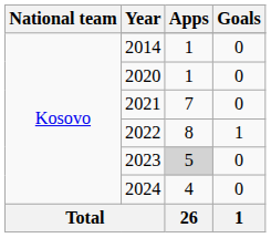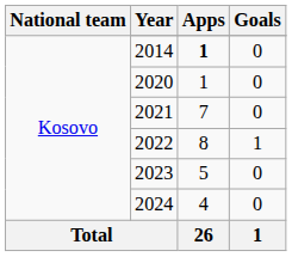 <table class="wikitable" style="text-align:center">
 <tr>
 <th>National team</th>
 <th>Year</th>
 <th>Apps</th>
 <th>Goals</th>
 </tr>
 <tr>
 <td rowspan="7"><a href='#'>Kosovo</a></td>
 </tr>
 <tr>
 <td>2014</td>
-<td>1</td>
+<td><strong>1</strong></td>
 <td>0</td>
 </tr>
 <tr>
 <td>2020</td>
 <td>1</td>
 <td>0</td>
 </tr>
 <tr>
 <td>2021</td>
 <td>7</td>
 <td>0</td>
 </tr>
 <tr>
 <td>2022</td>
 <td>8</td>
 <td>1</td>
 </tr>
 <tr>
 <td>2023</td>
-<td style="background: lightgrey;">5</td>
+<td>5</td>
 <td>0</td>
 </tr>
 <tr>
 <td>2024</td>
 <td>4</td>
 <td>0</td>
 </tr>
 <tr>
 <th colspan="2">Total</th>
 <th>26</th>
 <th>1</th>
 </tr>
 </table>
